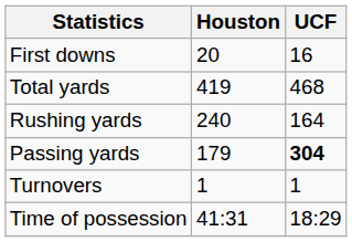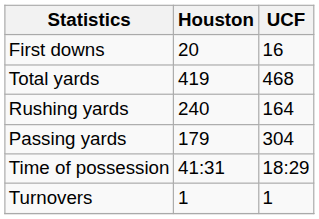 <table class="wikitable" style="float: right;">
 <tr>
 <th>Statistics</th>
 <th>Houston</th>
 <th>UCF</th>
 </tr>
 <tr>
 <td>First downs</td>
 <td>20</td>
 <td>16</td>
 </tr>
 <tr>
 <td>Total yards</td>
 <td>419</td>
 <td>468</td>
 </tr>
 <tr>
 <td>Rushing yards</td>
 <td>240</td>
 <td>164</td>
 </tr>
 <tr>
 <td>Passing yards</td>
 <td>179</td>
-<td><strong>304</strong></td>
+<td>304</td>
+</tr>
+<tr>
+<td>Time of possession</td>
+<td>41:31</td>
+<td>18:29</td>
 </tr>
 <tr>
 <td>Turnovers</td>
 <td>1</td>
 <td>1</td>
 </tr>
 <tr>
-<td>Time of possession</td>
-<td>41:31</td>
-<td>18:29</td>
-</tr>
-<tr>
 </tr>
 </table>
